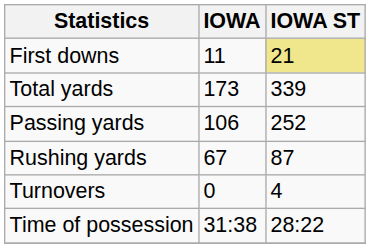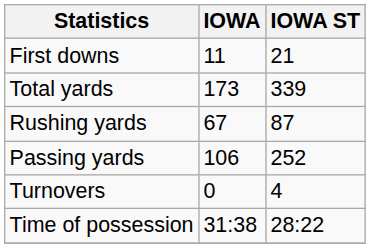 <table class="wikitable">
 <tr>
 <th>Statistics</th>
 <th>IOWA</th>
 <th>IOWA ST</th>
 </tr>
 <tr>
 <td>First downs</td>
 <td>11</td>
-<td style="background: khaki;">21</td>
+<td>21</td>
 </tr>
 <tr>
 <td>Total yards</td>
 <td>173</td>
 <td>339</td>
 </tr>
 <tr>
+<td>Rushing yards</td>
+<td>67</td>
+<td>87</td>
+</tr>
+<tr>
 <td>Passing yards</td>
 <td>106</td>
 <td>252</td>
-</tr>
-<tr>
-<td>Rushing yards</td>
-<td>67</td>
-<td>87</td>
 </tr>
 <tr>
 <td>Turnovers</td>
 <td>0</td>
 <td>4</td>
 </tr>
 <tr>
 <td>Time of possession</td>
 <td>31:38</td>
 <td>28:22</td>
 </tr>
 <tr>
 </tr>
 </table>
